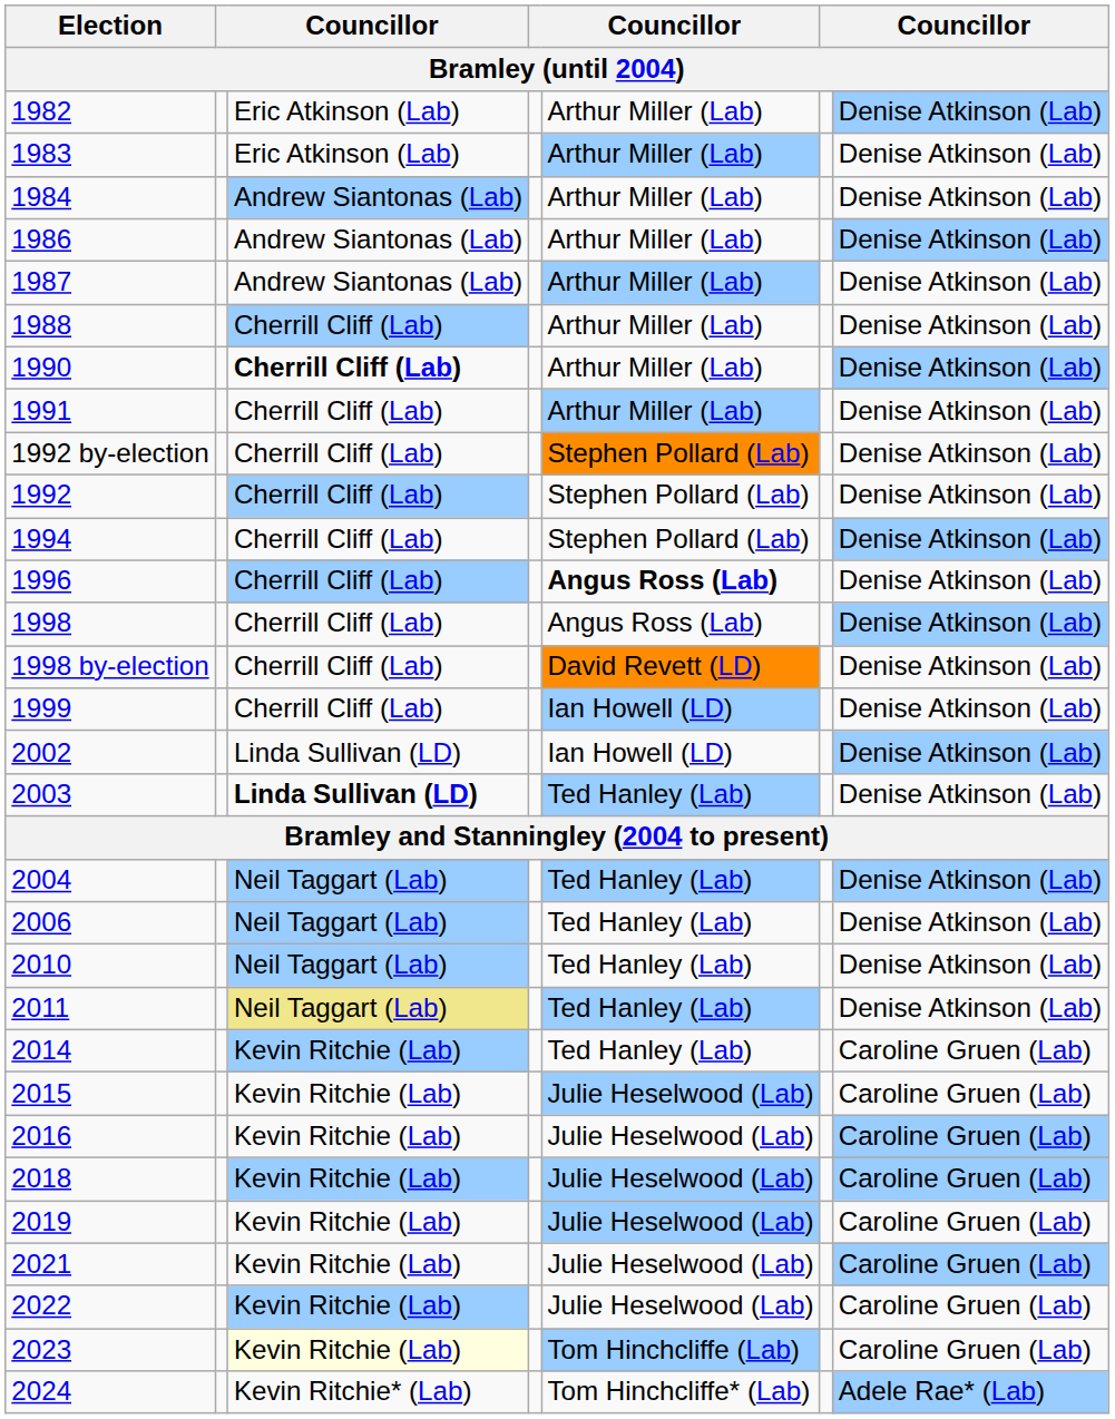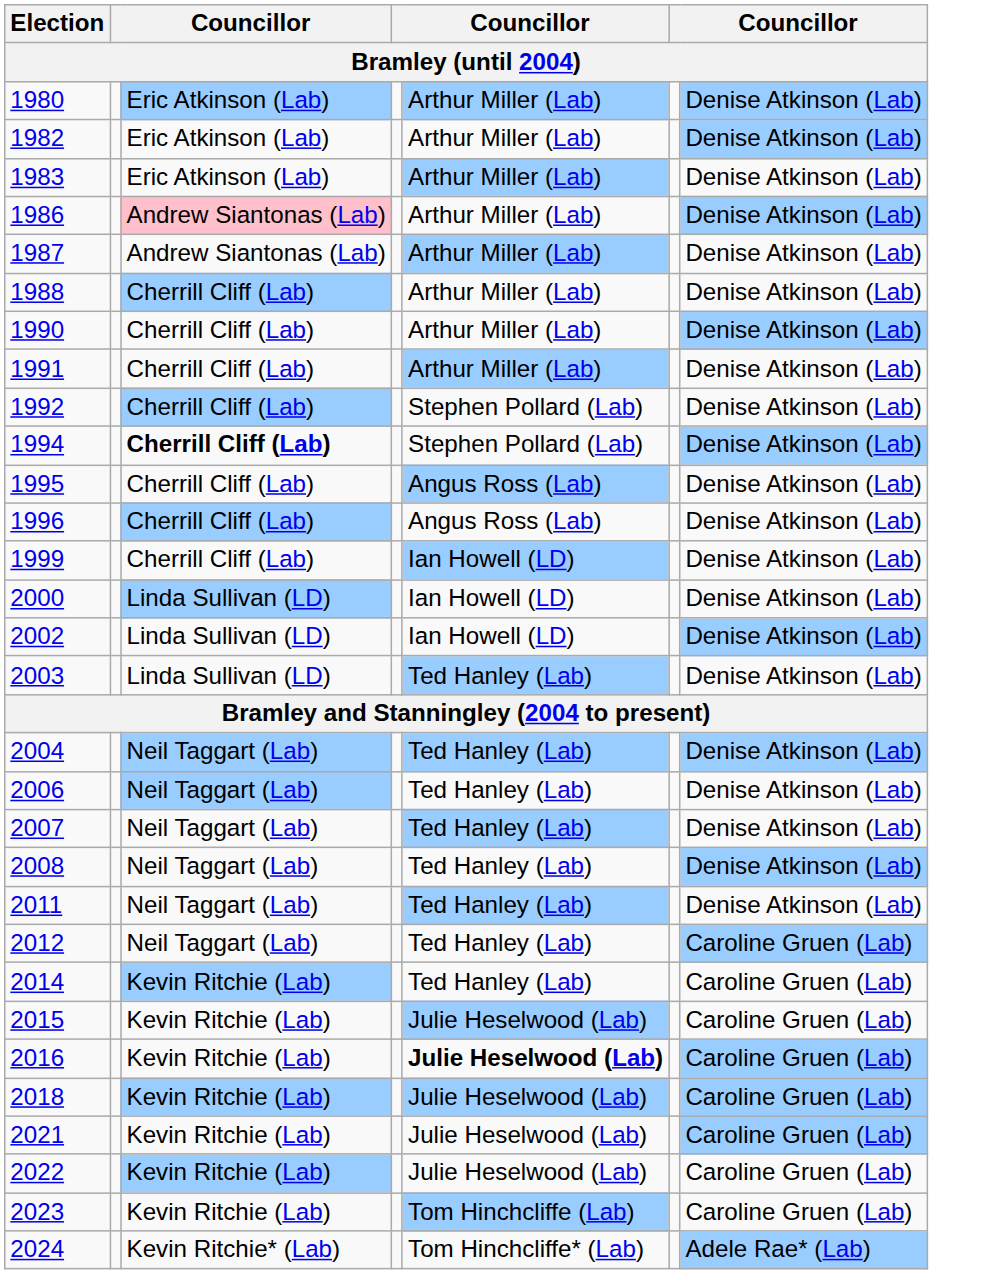 <table class="wikitable">
 <tr>
 <th>Election</th>
 <th colspan="2">Councillor</th>
 <th colspan="2">Councillor</th>
 <th colspan="2">Councillor</th>
 </tr>
 <tr>
 <th colspan=7>Bramley (until <a href='#'>2004</a>)</th>
+</tr>
+<tr>
+<td><a href='#'>1980</a></td>
+<td style="background-color: "></td>
+<td bgcolor="#99CCFF">Eric Atkinson (<a href='#'>Lab</a>)</td>
+<td style="background-color: "></td>
+<td bgcolor="#99CCFF">Arthur Miller (<a href='#'>Lab</a>)</td>
+<td style="background-color: "></td>
+<td bgcolor="#99CCFF">Denise Atkinson (<a href='#'>Lab</a>)</td>
 </tr>
 <tr>
 <td><a href='#'>1982</a></td>
 <td style="background-color: "></td>
 <td>Eric Atkinson (<a href='#'>Lab</a>)</td>
 <td style="background-color: "></td>
 <td>Arthur Miller (<a href='#'>Lab</a>)</td>
 <td style="background-color: "></td>
 <td bgcolor="#99CCFF">Denise Atkinson (<a href='#'>Lab</a>)</td>
 </tr>
 <tr>
 <td><a href='#'>1983</a></td>
 <td style="background-color: "></td>
 <td>Eric Atkinson (<a href='#'>Lab</a>)</td>
 <td style="background-color: "></td>
 <td bgcolor="#99CCFF">Arthur Miller (<a href='#'>Lab</a>)</td>
 <td style="background-color: "></td>
 <td>Denise Atkinson (<a href='#'>Lab</a>)</td>
 </tr>
 <tr>
-<td><a href='#'>1984</a></td>
-<td style="background-color: "></td>
-<td bgcolor="#99CCFF">Andrew Siantonas (<a href='#'>Lab</a>)</td>
-<td style="background-color: "></td>
-<td>Arthur Miller (<a href='#'>Lab</a>)</td>
-<td style="background-color: "></td>
-<td>Denise Atkinson (<a href='#'>Lab</a>)</td>
-</tr>
-<tr>
 <td><a href='#'>1986</a></td>
 <td style="background-color: "></td>
-<td>Andrew Siantonas (<a href='#'>Lab</a>)</td>
+<td style="background: pink;">Andrew Siantonas (<a href='#'>Lab</a>)</td>
 <td style="background-color: "></td>
 <td>Arthur Miller (<a href='#'>Lab</a>)</td>
 <td style="background-color: "></td>
 <td bgcolor="#99CCFF">Denise Atkinson (<a href='#'>Lab</a>)</td>
 </tr>
 <tr>
 <td><a href='#'>1987</a></td>
 <td style="background-color: "></td>
 <td>Andrew Siantonas (<a href='#'>Lab</a>)</td>
 <td style="background-color: "></td>
 <td bgcolor="#99CCFF">Arthur Miller (<a href='#'>Lab</a>)</td>
 <td style="background-color: "></td>
 <td>Denise Atkinson (<a href='#'>Lab</a>)</td>
 </tr>
 <tr>
 <td><a href='#'>1988</a></td>
 <td style="background-color: "></td>
 <td bgcolor="#99CCFF">Cherrill Cliff (<a href='#'>Lab</a>)</td>
 <td style="background-color: "></td>
 <td>Arthur Miller (<a href='#'>Lab</a>)</td>
 <td style="background-color: "></td>
 <td>Denise Atkinson (<a href='#'>Lab</a>)</td>
 </tr>
 <tr>
 <td><a href='#'>1990</a></td>
 <td style="background-color: "></td>
-<td><strong>Cherrill Cliff (<a href='#'>Lab</a>)</strong></td>
+<td>Cherrill Cliff (<a href='#'>Lab</a>)</td>
 <td style="background-color: "></td>
 <td>Arthur Miller (<a href='#'>Lab</a>)</td>
 <td style="background-color: "></td>
 <td bgcolor="#99CCFF">Denise Atkinson (<a href='#'>Lab</a>)</td>
 </tr>
 <tr>
 <td><a href='#'>1991</a></td>
 <td style="background-color: "></td>
 <td>Cherrill Cliff (<a href='#'>Lab</a>)</td>
 <td style="background-color: "></td>
 <td bgcolor="#99CCFF">Arthur Miller (<a href='#'>Lab</a>)</td>
 <td style="background-color: "></td>
 <td>Denise Atkinson (<a href='#'>Lab</a>)</td>
 </tr>
 <tr>
-<td>1992 by-election</td>
-<td style="background-color: "></td>
-<td>Cherrill Cliff (<a href='#'>Lab</a>)</td>
-<td style="background-color: "></td>
-<td bgcolor="#FF8C00">Stephen Pollard (<a href='#'>Lab</a>)</td>
-<td style="background-color: "></td>
-<td>Denise Atkinson (<a href='#'>Lab</a>)</td>
-</tr>
-<tr>
 <td><a href='#'>1992</a></td>
 <td style="background-color: "></td>
 <td bgcolor="#99CCFF">Cherrill Cliff (<a href='#'>Lab</a>)</td>
 <td style="background-color: "></td>
 <td>Stephen Pollard (<a href='#'>Lab</a>)</td>
 <td style="background-color: "></td>
 <td>Denise Atkinson (<a href='#'>Lab</a>)</td>
 </tr>
 <tr>
 <td><a href='#'>1994</a></td>
 <td style="background-color: "></td>
-<td>Cherrill Cliff (<a href='#'>Lab</a>)</td>
+<td><strong>Cherrill Cliff (<a href='#'>Lab</a>)</strong></td>
 <td style="background-color: "></td>
 <td>Stephen Pollard (<a href='#'>Lab</a>)</td>
 <td style="background-color: "></td>
 <td bgcolor="#99CCFF">Denise Atkinson (<a href='#'>Lab</a>)</td>
 </tr>
 <tr>
+<td><a href='#'>1995</a></td>
+<td style="background-color: "></td>
+<td>Cherrill Cliff (<a href='#'>Lab</a>)</td>
+<td style="background-color: "></td>
+<td bgcolor="#99CCFF">Angus Ross (<a href='#'>Lab</a>)</td>
+<td style="background-color: "></td>
+<td>Denise Atkinson (<a href='#'>Lab</a>)</td>
+</tr>
+<tr>
 <td><a href='#'>1996</a></td>
 <td style="background-color: "></td>
 <td bgcolor="#99CCFF">Cherrill Cliff (<a href='#'>Lab</a>)</td>
 <td style="background-color: "></td>
-<td><strong>Angus Ross (<a href='#'>Lab</a>)</strong></td>
-<td style="background-color: "></td>
-<td>Denise Atkinson (<a href='#'>Lab</a>)</td>
-</tr>
-<tr>
-<td><a href='#'>1998</a></td>
-<td style="background-color: "></td>
-<td>Cherrill Cliff (<a href='#'>Lab</a>)</td>
-<td style="background-color: "></td>
 <td>Angus Ross (<a href='#'>Lab</a>)</td>
-<td style="background-color: "></td>
-<td bgcolor="#99CCFF">Denise Atkinson (<a href='#'>Lab</a>)</td>
-</tr>
-<tr>
-<td><a href='#'>1998 by-election</a></td>
-<td style="background-color: "></td>
-<td>Cherrill Cliff (<a href='#'>Lab</a>)</td>
-<td style="background-color: "></td>
-<td bgcolor="#FF8C00">David Revett (<a href='#'>LD</a>)</td>
 <td style="background-color: "></td>
 <td>Denise Atkinson (<a href='#'>Lab</a>)</td>
 </tr>
 <tr>
 <td><a href='#'>1999</a></td>
 <td style="background-color: "></td>
 <td>Cherrill Cliff (<a href='#'>Lab</a>)</td>
 <td style="background-color: "></td>
 <td bgcolor="#99CCFF">Ian Howell (<a href='#'>LD</a>)</td>
 <td style="background-color: "></td>
 <td>Denise Atkinson (<a href='#'>Lab</a>)</td>
 </tr>
 <tr>
+<td><a href='#'>2000</a></td>
+<td style="background-color: "></td>
+<td bgcolor="#99CCFF">Linda Sullivan (<a href='#'>LD</a>)</td>
+<td style="background-color: "></td>
+<td>Ian Howell (<a href='#'>LD</a>)</td>
+<td style="background-color: "></td>
+<td>Denise Atkinson  (<a href='#'>Lab</a>)</td>
+</tr>
+<tr>
 <td><a href='#'>2002</a></td>
 <td style="background-color: "></td>
 <td>Linda Sullivan (<a href='#'>LD</a>)</td>
 <td style="background-color: "></td>
 <td>Ian Howell (<a href='#'>LD</a>)</td>
 <td style="background-color: "></td>
 <td bgcolor="#99CCFF">Denise Atkinson  (<a href='#'>Lab</a>)</td>
 </tr>
 <tr>
 <td><a href='#'>2003</a></td>
 <td style="background-color: "></td>
-<td><strong>Linda Sullivan (<a href='#'>LD</a>)</strong></td>
+<td>Linda Sullivan (<a href='#'>LD</a>)</td>
 <td style="background-color: "></td>
 <td bgcolor="#99CCFF">Ted Hanley (<a href='#'>Lab</a>)</td>
 <td style="background-color: "></td>
 <td>Denise Atkinson  (<a href='#'>Lab</a>)</td>
 </tr>
 <tr>
 <th colspan=7>Bramley and Stanningley (<a href='#'>2004</a> to present)</th>
 </tr>
 <tr>
 <td><a href='#'>2004</a></td>
 <td style="background-color: "></td>
 <td bgcolor="#99CCFF">Neil Taggart (<a href='#'>Lab</a>)</td>
 <td style="background-color: "></td>
 <td bgcolor="#99CCFF">Ted Hanley (<a href='#'>Lab</a>)</td>
 <td style="background-color: "></td>
 <td bgcolor="#99CCFF">Denise Atkinson  (<a href='#'>Lab</a>)</td>
 </tr>
 <tr>
 <td><a href='#'>2006</a></td>
 <td style="background-color: "></td>
 <td bgcolor="#99CCFF">Neil Taggart (<a href='#'>Lab</a>)</td>
 <td style="background-color: "></td>
 <td>Ted Hanley (<a href='#'>Lab</a>)</td>
 <td style="background-color: "></td>
 <td>Denise Atkinson  (<a href='#'>Lab</a>)</td>
 </tr>
 <tr>
-<td><a href='#'>2010</a></td>
+<td><a href='#'>2007</a></td>
 <td style="background-color: "></td>
-<td bgcolor="#99CCFF">Neil Taggart (<a href='#'>Lab</a>)</td>
+<td>Neil Taggart (<a href='#'>Lab</a>)</td>
 <td style="background-color: "></td>
-<td>Ted Hanley (<a href='#'>Lab</a>)</td>
+<td bgcolor="#99CCFF">Ted Hanley (<a href='#'>Lab</a>)</td>
 <td style="background-color: "></td>
 <td>Denise Atkinson  (<a href='#'>Lab</a>)</td>
 </tr>
 <tr>
+<td><a href='#'>2008</a></td>
+<td style="background-color: "></td>
+<td>Neil Taggart (<a href='#'>Lab</a>)</td>
+<td style="background-color: "></td>
+<td>Ted Hanley (<a href='#'>Lab</a>)</td>
+<td style="background-color: "></td>
+<td bgcolor="#99CCFF">Denise Atkinson  (<a href='#'>Lab</a>)</td>
+</tr>
+<tr>
 <td><a href='#'>2011</a></td>
 <td style="background-color: "></td>
-<td style="background: khaki;">Neil Taggart (<a href='#'>Lab</a>)</td>
+<td>Neil Taggart (<a href='#'>Lab</a>)</td>
 <td style="background-color: "></td>
 <td bgcolor="#99CCFF">Ted Hanley (<a href='#'>Lab</a>)</td>
 <td style="background-color: "></td>
 <td>Denise Atkinson  (<a href='#'>Lab</a>)</td>
+</tr>
+<tr>
+<td><a href='#'>2012</a></td>
+<td style="background-color: "></td>
+<td>Neil Taggart (<a href='#'>Lab</a>)</td>
+<td style="background-color: "></td>
+<td>Ted Hanley (<a href='#'>Lab</a>)</td>
+<td style="background-color: "></td>
+<td bgcolor="#99CCFF">Caroline Gruen (<a href='#'>Lab</a>)</td>
 </tr>
 <tr>
 <td><a href='#'>2014</a></td>
 <td style="background-color: "></td>
 <td bgcolor="#99CCFF">Kevin Ritchie (<a href='#'>Lab</a>)</td>
 <td style="background-color: "></td>
 <td>Ted Hanley (<a href='#'>Lab</a>)</td>
 <td style="background-color: "></td>
 <td>Caroline Gruen (<a href='#'>Lab</a>)</td>
 </tr>
 <tr>
 <td><a href='#'>2015</a></td>
 <td style="background-color: "></td>
 <td>Kevin Ritchie (<a href='#'>Lab</a>)</td>
 <td style="background-color: "></td>
 <td bgcolor="#99CCFF">Julie Heselwood (<a href='#'>Lab</a>)</td>
 <td style="background-color: "></td>
 <td>Caroline Gruen (<a href='#'>Lab</a>)</td>
 </tr>
 <tr>
 <td><a href='#'>2016</a></td>
 <td style="background-color: "></td>
 <td>Kevin Ritchie (<a href='#'>Lab</a>)</td>
 <td style="background-color: "></td>
-<td>Julie Heselwood (<a href='#'>Lab</a>)</td>
+<td><strong>Julie Heselwood (<a href='#'>Lab</a>)</strong></td>
 <td style="background-color: "></td>
 <td bgcolor="#99CCFF">Caroline Gruen (<a href='#'>Lab</a>)</td>
 </tr>
 <tr>
 <td><a href='#'>2018</a></td>
 <td style="background-color: "></td>
 <td bgcolor="#99CCFF">Kevin Ritchie (<a href='#'>Lab</a>)</td>
 <td style="background-color: "></td>
 <td bgcolor="#99CCFF">Julie Heselwood (<a href='#'>Lab</a>)</td>
 <td style="background-color: "></td>
 <td bgcolor="#99CCFF">Caroline Gruen (<a href='#'>Lab</a>)</td>
-</tr>
-<tr>
-<td><a href='#'>2019</a></td>
-<td style="background-color: "></td>
-<td>Kevin Ritchie (<a href='#'>Lab</a>)</td>
-<td style="background-color: "></td>
-<td bgcolor="#99CCFF">Julie Heselwood (<a href='#'>Lab</a>)</td>
-<td style="background-color: "></td>
-<td>Caroline Gruen (<a href='#'>Lab</a>)</td>
 </tr>
 <tr>
 <td><a href='#'>2021</a></td>
 <td style="background-color: "></td>
 <td>Kevin Ritchie (<a href='#'>Lab</a>)</td>
 <td style="background-color: "></td>
 <td>Julie Heselwood (<a href='#'>Lab</a>)</td>
 <td style="background-color: "></td>
 <td bgcolor="#99CCFF">Caroline Gruen (<a href='#'>Lab</a>)</td>
 </tr>
 <tr>
 <td><a href='#'>2022</a></td>
 <td style="background-color: "></td>
 <td bgcolor="#99CCFF">Kevin Ritchie (<a href='#'>Lab</a>)</td>
 <td style="background-color: "></td>
 <td>Julie Heselwood (<a href='#'>Lab</a>)</td>
 <td style="background-color: "></td>
 <td>Caroline Gruen (<a href='#'>Lab</a>)</td>
 </tr>
 <tr>
 <td><a href='#'>2023</a></td>
 <td style="background-color: "></td>
-<td style="background: lightyellow;">Kevin Ritchie (<a href='#'>Lab</a>)</td>
+<td>Kevin Ritchie (<a href='#'>Lab</a>)</td>
 <td style="background-color: "></td>
 <td bgcolor="#99CCFF">Tom Hinchcliffe (<a href='#'>Lab</a>)</td>
 <td style="background-color: "></td>
 <td>Caroline Gruen (<a href='#'>Lab</a>)</td>
 </tr>
 <tr>
 <td><a href='#'>2024</a></td>
 <td style="background-color: "></td>
 <td>Kevin Ritchie* (<a href='#'>Lab</a>)</td>
 <td style="background-color: "></td>
 <td>Tom Hinchcliffe* (<a href='#'>Lab</a>)</td>
 <td style="background-color: "></td>
 <td bgcolor="#99CCFF">Adele Rae* (<a href='#'>Lab</a>)</td>
 </tr>
 </table>
